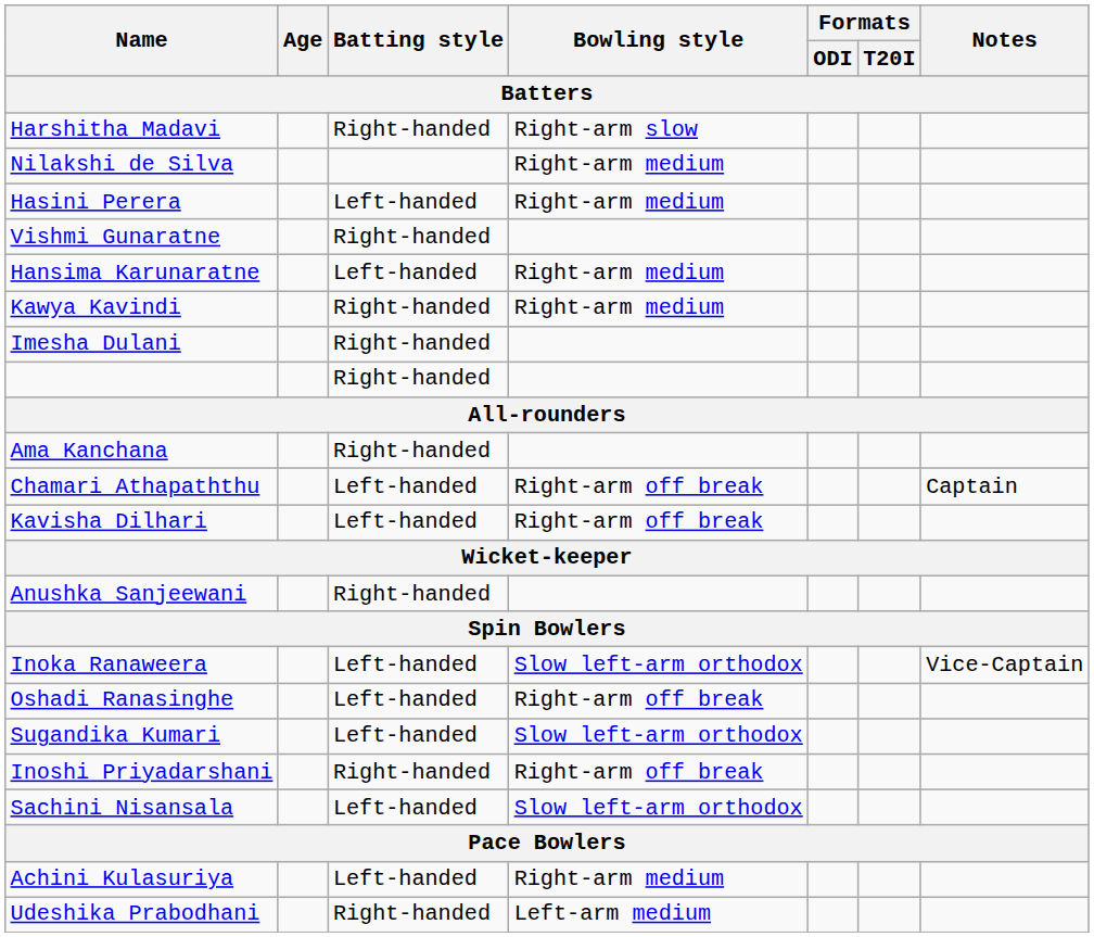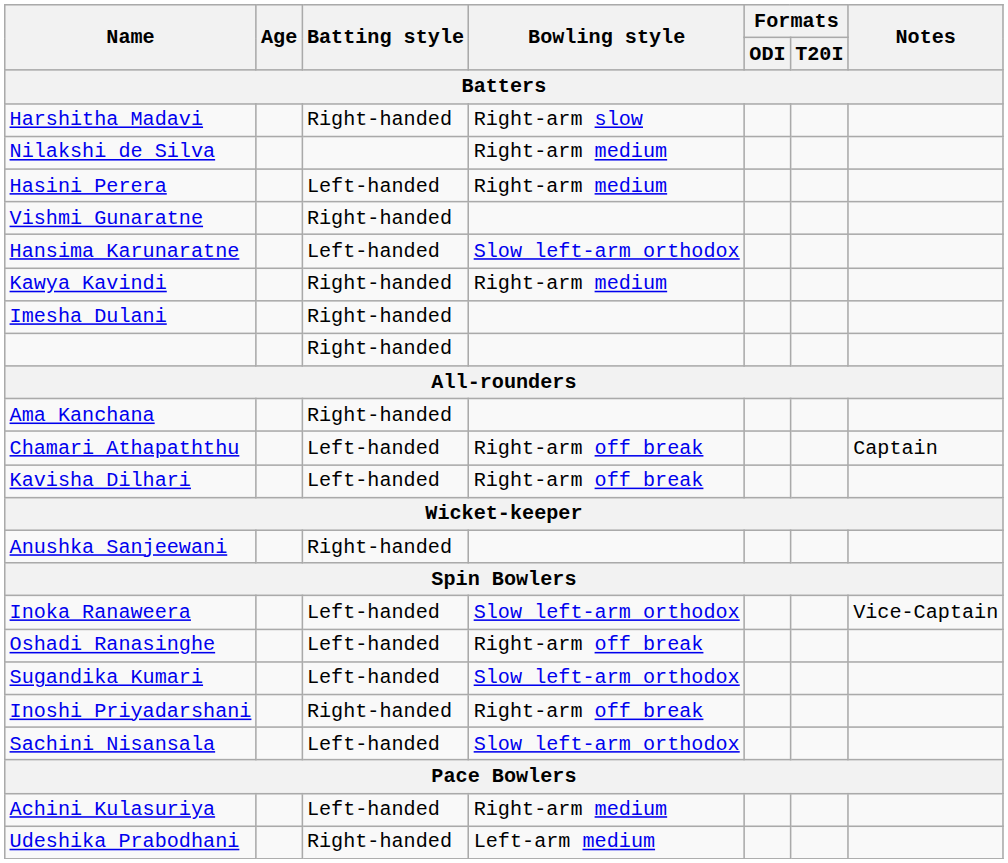 <table class="wikitable"">
 <tr>
 <th rowspan=2>Name</th>
 <th rowspan=2>Age</th>
 <th rowspan=2>Batting style</th>
 <th rowspan=2>Bowling style</th>
 <th colspan=2>Formats</th>
 <th rowspan=2>Notes</th>
 </tr>
 <tr>
 <th>ODI</th>
 <th>T20I</th>
 </tr>
 <tr>
 <th colspan="7">Batters</th>
 </tr>
 <tr>
 <td><a href='#'>Harshitha Madavi</a></td>
 <td></td>
 <td>Right-handed</td>
 <td>Right-arm <a href='#'>slow</a></td>
 <td></td>
 <td></td>
 <td></td>
 </tr>
 <tr>
 <td><a href='#'>Nilakshi de Silva</a></td>
 <td></td>
 <td></td>
 <td>Right-arm <a href='#'>medium</a></td>
 <td></td>
 <td></td>
 <td></td>
 </tr>
 <tr>
 <td><a href='#'>Hasini Perera</a></td>
 <td></td>
 <td>Left-handed</td>
 <td>Right-arm <a href='#'>medium</a></td>
 <td></td>
 <td></td>
 <td></td>
 </tr>
 <tr>
 <td><a href='#'>Vishmi Gunaratne</a></td>
 <td></td>
 <td>Right-handed</td>
 <td></td>
 <td></td>
 <td></td>
 <td></td>
 </tr>
 <tr>
 <td><a href='#'>Hansima Karunaratne</a></td>
 <td></td>
 <td>Left-handed</td>
-<td>Right-arm <a href='#'>medium</a></td>
+<td><a href='#'>Slow left-arm orthodox</a></td>
 <td></td>
 <td></td>
 <td></td>
 </tr>
 <tr>
 <td><a href='#'>Kawya Kavindi</a></td>
 <td></td>
 <td>Right-handed</td>
 <td>Right-arm <a href='#'>medium</a></td>
 <td></td>
 <td></td>
 <td></td>
 </tr>
 <tr>
 <td><a href='#'>Imesha Dulani</a></td>
 <td></td>
 <td>Right-handed</td>
 <td></td>
 <td></td>
 <td></td>
 <td></td>
 </tr>
 <tr>
 <td></td>
 <td></td>
 <td>Right-handed</td>
 <td></td>
 <td></td>
 <td></td>
 <td></td>
 </tr>
 <tr>
 <th colspan="7">All-rounders</th>
 </tr>
 <tr>
 <td><a href='#'>Ama Kanchana</a></td>
 <td></td>
 <td>Right-handed</td>
 <td></td>
 <td></td>
 <td></td>
 <td></td>
 </tr>
 <tr>
 <td><a href='#'>Chamari Athapaththu</a></td>
 <td></td>
 <td>Left-handed</td>
 <td>Right-arm <a href='#'>off break</a></td>
 <td></td>
 <td></td>
 <td>Captain</td>
 </tr>
 <tr>
 <td><a href='#'>Kavisha Dilhari</a></td>
 <td></td>
 <td>Left-handed</td>
 <td>Right-arm <a href='#'>off break</a></td>
 <td></td>
 <td></td>
 <td></td>
 </tr>
 <tr>
 <th colspan="7">Wicket-keeper</th>
 </tr>
 <tr>
 <td><a href='#'>Anushka Sanjeewani</a></td>
 <td></td>
 <td>Right-handed</td>
 <td></td>
 <td></td>
 <td></td>
 <td></td>
 </tr>
 <tr>
 <th colspan="7">Spin Bowlers</th>
 </tr>
 <tr>
 <td><a href='#'>Inoka Ranaweera</a></td>
 <td></td>
 <td>Left-handed</td>
 <td><a href='#'>Slow left-arm orthodox</a></td>
 <td></td>
 <td></td>
 <td>Vice-Captain</td>
 </tr>
 <tr>
 <td><a href='#'>Oshadi Ranasinghe</a></td>
 <td></td>
 <td>Left-handed</td>
 <td>Right-arm <a href='#'>off break</a></td>
 <td></td>
 <td></td>
 <td></td>
 </tr>
 <tr>
 <td><a href='#'>Sugandika Kumari</a></td>
 <td></td>
 <td>Left-handed</td>
 <td><a href='#'>Slow left-arm orthodox</a></td>
 <td></td>
 <td></td>
 <td></td>
 </tr>
 <tr>
 <td><a href='#'>Inoshi Priyadarshani</a></td>
 <td></td>
 <td>Right-handed</td>
 <td>Right-arm <a href='#'>off break</a></td>
 <td></td>
 <td></td>
 <td></td>
 </tr>
 <tr>
 <td><a href='#'>Sachini Nisansala</a></td>
 <td></td>
 <td>Left-handed</td>
 <td><a href='#'>Slow left-arm orthodox</a></td>
 <td></td>
 <td></td>
 <td></td>
 </tr>
 <tr>
 <th colspan="7">Pace Bowlers</th>
 </tr>
 <tr>
 <td><a href='#'>Achini Kulasuriya</a></td>
 <td></td>
 <td>Left-handed</td>
 <td>Right-arm <a href='#'>medium</a></td>
 <td></td>
 <td></td>
 <td></td>
 </tr>
 <tr>
 <td><a href='#'>Udeshika Prabodhani</a></td>
 <td></td>
 <td>Right-handed</td>
 <td>Left-arm <a href='#'>medium</a></td>
 <td></td>
 <td></td>
 <td></td>
 </tr>
 </table>
